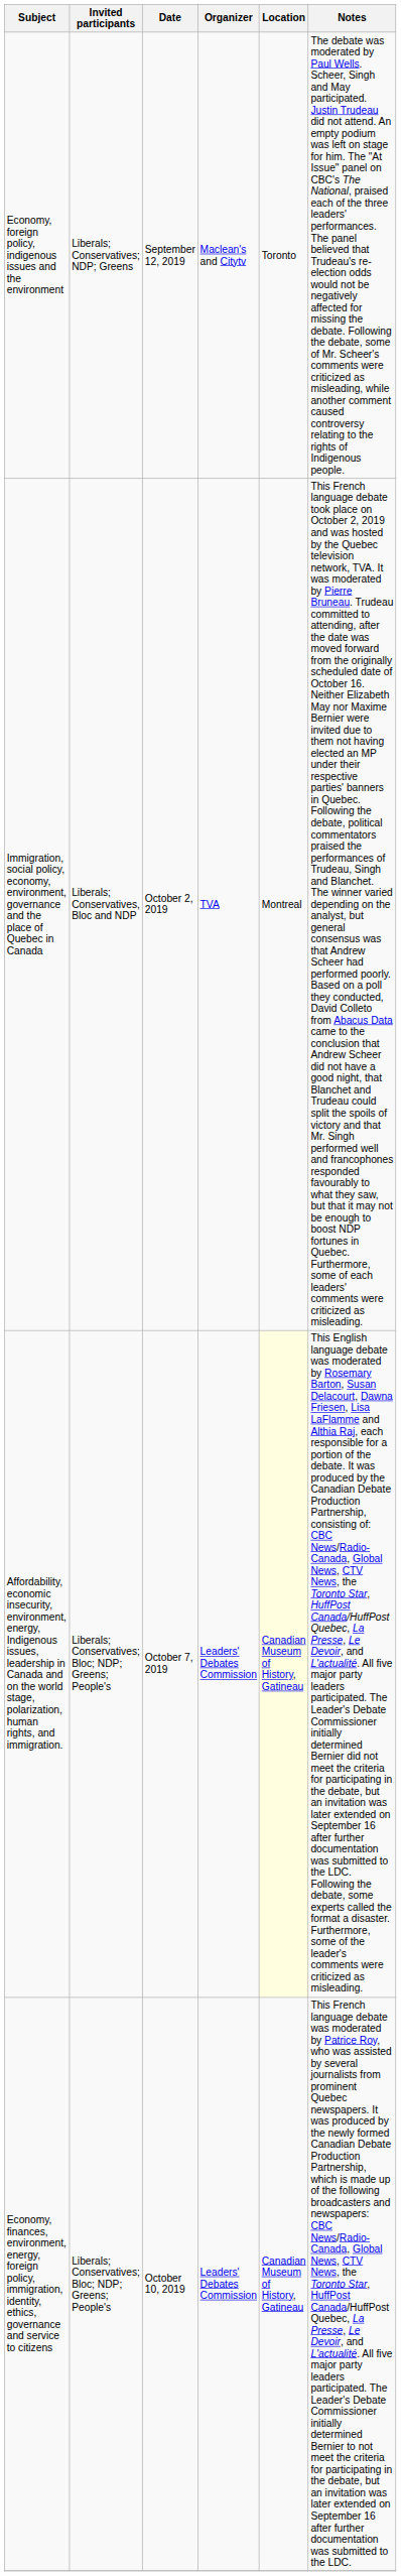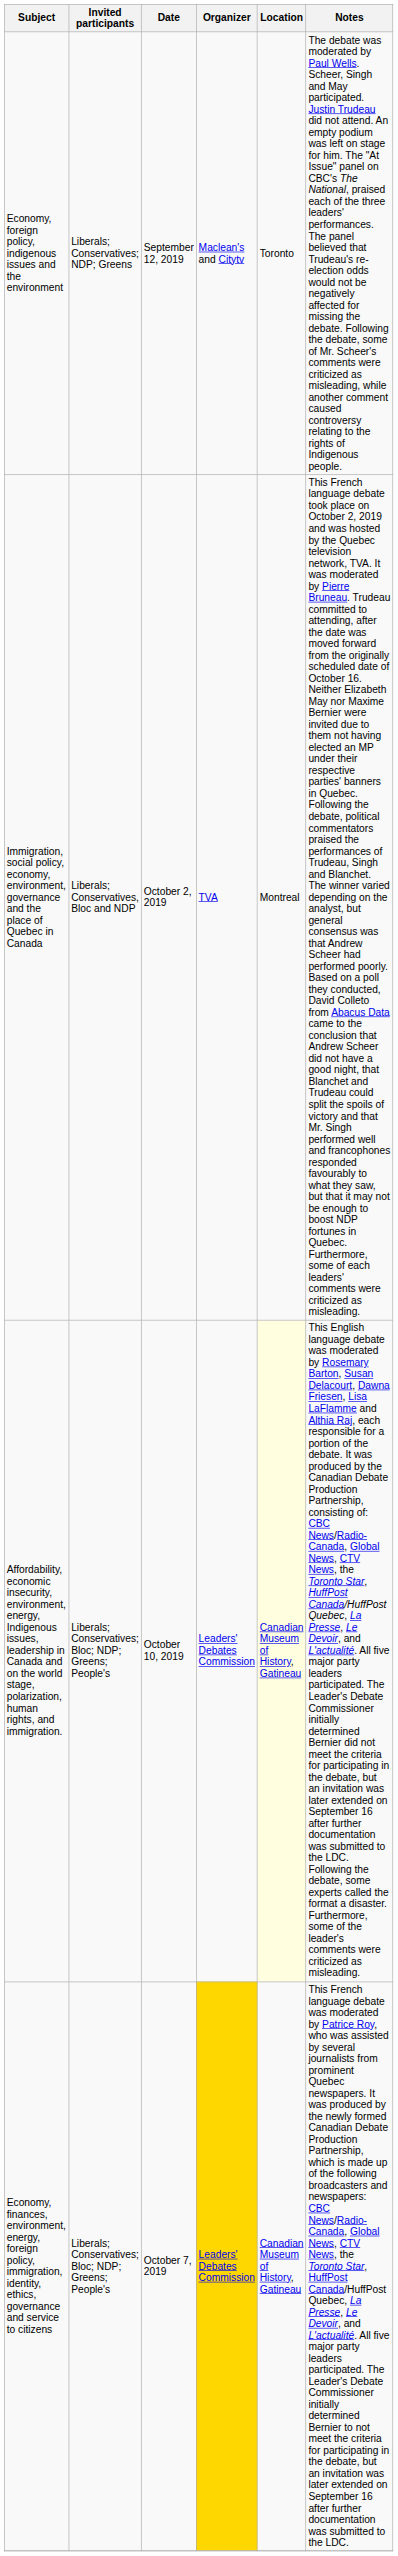 <table class="wikitable">
 <tr>
 <th>Subject</th>
 <th>Invited participants</th>
 <th>Date</th>
 <th>Organizer</th>
 <th>Location</th>
 <th>Notes</th>
 </tr>
 <tr>
 <td>Economy, foreign policy, indigenous issues and the environment</td>
 <td>Liberals; Conservatives; NDP; Greens</td>
 <td>September 12, 2019</td>
 <td><a href='#'>Maclean's</a> and <a href='#'>Citytv</a></td>
 <td>Toronto</td>
 <td>The debate was moderated by <a href='#'>Paul Wells</a>. Scheer, Singh and May participated. <a href='#'>Justin Trudeau</a> did not attend. An empty podium was left on stage for him. The "At Issue" panel on CBC's <em>The National</em>, praised each of the three leaders' performances. The panel believed that Trudeau's re-election odds would not be negatively affected for missing the debate. Following the debate, some of Mr. Scheer's comments were criticized as misleading, while another comment caused controversy relating to the rights of Indigenous people.</td>
 </tr>
 <tr>
 <td>Immigration, social policy, economy, environment, governance and the place of Quebec in Canada</td>
 <td>Liberals; Conservatives, Bloc and NDP</td>
 <td>October 2, 2019</td>
 <td><a href='#'>TVA</a></td>
 <td>Montreal</td>
 <td>This French language debate took place on October 2, 2019 and was hosted by the Quebec television network, TVA. It was moderated by <a href='#'>Pierre Bruneau</a>. Trudeau committed to attending, after the date was moved forward from the originally scheduled date of October 16. Neither Elizabeth May nor Maxime Bernier were invited due to them not having elected an MP under their respective parties' banners in Quebec. Following the debate, political commentators praised the performances of Trudeau, Singh and Blanchet. The winner varied depending on the analyst, but general consensus was that Andrew Scheer had performed poorly. Based on a poll they conducted, David Colleto from <a href='#'>Abacus Data</a> came to the conclusion that Andrew Scheer did not have a good night, that Blanchet and Trudeau could split the spoils of victory and that Mr. Singh performed well and francophones responded favourably to what they saw, but that it may not be enough to boost NDP fortunes in Quebec. Furthermore, some of each leaders' comments were criticized as misleading.</td>
 </tr>
 <tr>
 <td>Affordability, economic insecurity, environment, energy, Indigenous issues, leadership in Canada and on the world stage, polarization, human rights, and immigration.</td>
 <td>Liberals; Conservatives; Bloc; NDP; Greens; People's</td>
-<td>October 7, 2019</td>
+<td>October 10, 2019</td>
 <td><a href='#'>Leaders' Debates Commission</a></td>
 <td style="background: lightyellow;"><a href='#'>Canadian Museum of History</a>, <a href='#'>Gatineau</a></td>
 <td>This English language debate was moderated by <a href='#'>Rosemary Barton</a>, <a href='#'>Susan Delacourt</a>, <a href='#'>Dawna Friesen</a>, <a href='#'>Lisa LaFlamme</a> and <a href='#'>Althia Raj</a>, each responsible for a portion of the debate. It was produced by the Canadian Debate Production Partnership, consisting of: <a href='#'>CBC News</a>/<a href='#'>Radio-Canada</a>, <a href='#'>Global News</a>, <a href='#'>CTV News</a>, the <em><a href='#'>Toronto Star</a></em>, <em><a href='#'>HuffPost Canada</a>/HuffPost Quebec</em>, <em><a href='#'>La Presse</a></em>, <em><a href='#'>Le Devoir</a></em>, and <em><a href='#'>L'actualité</a></em>. All five major party leaders participated. The Leader's Debate Commissioner initially determined Bernier did not meet the criteria for participating in the debate, but an invitation was later extended on September 16 after further documentation was submitted to the LDC. Following the debate, some experts called the format a disaster. Furthermore, some of the leader's comments were criticized as misleading.</td>
 </tr>
 <tr>
 <td>Economy, finances, environment, energy, foreign policy, immigration, identity, ethics, governance and service to citizens</td>
 <td>Liberals; Conservatives; Bloc; NDP; Greens; People's</td>
-<td>October 10, 2019</td>
-<td><a href='#'>Leaders' Debates Commission</a></td>
+<td>October 7, 2019</td>
+<td style="background: gold;"><a href='#'>Leaders' Debates Commission</a></td>
 <td><a href='#'>Canadian Museum of History</a>, <a href='#'>Gatineau</a></td>
 <td>This French language debate was moderated by <a href='#'>Patrice Roy</a>, who was assisted by several journalists from prominent Quebec newspapers. It was produced by the newly formed Canadian Debate Production Partnership, which is made up of the following broadcasters and newspapers: <a href='#'>CBC News</a>/<a href='#'>Radio-Canada</a>, <a href='#'>Global News</a>, <a href='#'>CTV News</a>, the <em><a href='#'>Toronto Star</a></em>, <a href='#'>HuffPost Canada</a>/HuffPost Quebec, <em><a href='#'>La Presse</a></em>, <em><a href='#'>Le Devoir</a></em>, and <em><a href='#'>L'actualité</a></em>. All five major party leaders participated. The Leader's Debate Commissioner initially determined Bernier to not meet the criteria for participating in the debate, but an invitation was later extended on September 16 after further documentation was submitted to the LDC.</td>
 </tr>
 <tr>
 </tr>
 </table>
